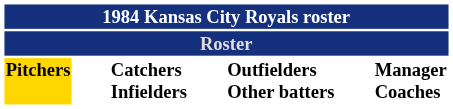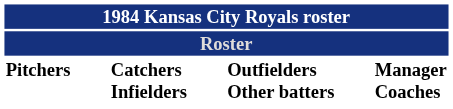 <table class="toccolours" style="font-size: 95%;">
 <tr>
 <th colspan="10" style="background-color: #15317E; color: #FFFFFF; text-align: center;">1984 Kansas City Royals roster</th>
 </tr>
 <tr>
 <td colspan="10" style="background-color: #15317E; color: #DFDCDA; text-align: center;"><strong>Roster</strong></td>
 </tr>
 <tr>
-<td valign="top" style="background: gold;"><strong>Pitchers</strong><br>           </td>
+<td valign="top"><strong>Pitchers</strong><br>           </td>
 <td width="25px"></td>
 <td valign="top"><strong>Catchers</strong><br>    <strong>Infielders</strong>           </td>
 <td width="25px"></td>
 <td valign="top"><strong>Outfielders</strong><br>       <strong>Other batters</strong>  </td>
 <td width="25px"></td>
 <td valign="top"><strong>Manager</strong><br> <strong>Coaches</strong>      </td>
 </tr>
 <tr>
 </tr>
 </table>
